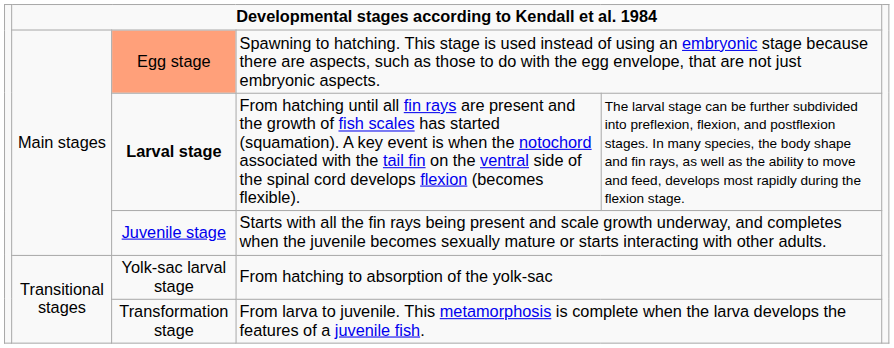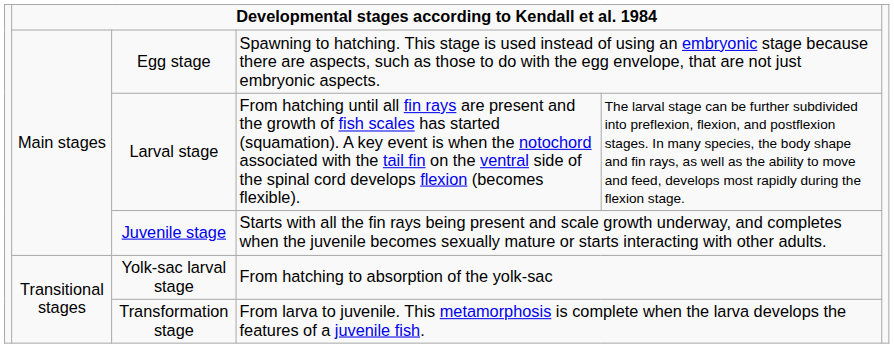 <table class="wikitable">
 <tr>
 <td rowspan="6"></td>
 <td colspan="4" style="text-align:center;"><strong>Developmental stages according to Kendall et al. 1984</strong></td>
 <td rowspan="6"></td>
 </tr>
 <tr>
 <td rowspan="3" align="center">Main stages</td>
-<td align="center" style="background: lightsalmon;">Egg stage</td>
+<td align="center">Egg stage</td>
 <td colspan="2">Spawning to hatching. This stage is used instead of using an <a href='#'>embryonic</a> stage because there are aspects, such as those to do with the egg envelope, that are not just embryonic aspects.</td>
 </tr>
 <tr>
-<td align="center"><strong>Larval stage</strong></td>
+<td align="center">Larval stage</td>
 <td>From hatching until all <a href='#'>fin rays</a> are present and the growth of <a href='#'>fish scales</a> has started (squamation). A key event is when the <a href='#'>notochord</a> associated with the <a href='#'>tail fin</a> on the <a href='#'>ventral</a> side of the spinal cord develops <a href='#'>flexion</a> (becomes flexible).</td>
 <td><small>The larval stage can be further subdivided into preflexion, flexion, and postflexion stages. In many species, the body shape and fin rays, as well as the ability to move and feed, develops most rapidly during the flexion stage.</small></td>
 </tr>
 <tr>
 <td align="center"><a href='#'>Juvenile stage</a></td>
 <td colspan="2">Starts with all the fin rays being present and scale growth underway, and completes when the juvenile becomes sexually mature or starts interacting with other adults.</td>
 </tr>
 <tr>
 <td rowspan="2" align="center">Transitional stages</td>
 <td align="center">Yolk-sac larval stage</td>
 <td colspan="2">From hatching to absorption of the yolk-sac</td>
 </tr>
 <tr>
 <td align="center">Transformation stage</td>
 <td colspan="2">From larva to juvenile. This <a href='#'>metamorphosis</a> is complete when the larva develops the features of a <a href='#'>juvenile fish</a>.</td>
 </tr>
 </table>
